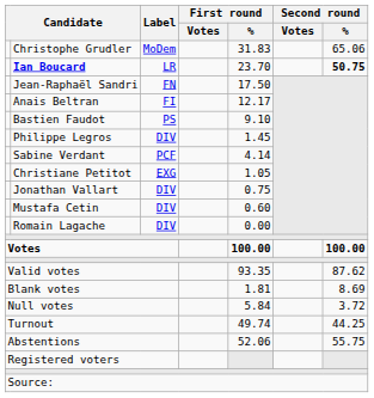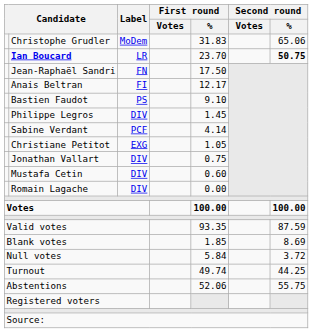 <table class="wikitable" style="text-align:right;font-size:95%;">
 <tr>
 <th rowspan="2" colspan="2">Candidate</th>
 <th rowspan="2">Label</th>
 <th colspan="2">First round</th>
 <th colspan="2">Second round</th>
 </tr>
 <tr>
 <th style="width:50px;">Votes</th>
 <th style="width:45px;">%</th>
 <th style="width:50px;">Votes</th>
 <th style="width:45px;">%</th>
 </tr>
 <tr>
 <td style="color:inherit;background:"></td>
 <td style="text-align:left;">Christophe Grudler</td>
 <td><a href='#'>MoDem</a></td>
 <td></td>
 <td>31.83</td>
 <td></td>
 <td>65.06</td>
 </tr>
 <tr>
 <td style="color:inherit;background:"></td>
 <td style="text-align:left;"><strong><a href='#'>Ian Boucard</a></strong></td>
 <td><a href='#'>LR</a></td>
 <td></td>
 <td>23.70</td>
 <td><strong></strong></td>
 <td><strong>50.75</strong></td>
 </tr>
 <tr>
 <td style="color:inherit;background:"></td>
 <td style="text-align:left;">Jean-Raphaël Sandri</td>
 <td><a href='#'>FN</a></td>
 <td></td>
 <td>17.50</td>
 <td colspan="2" rowspan="9" style="background:#E9E9E9;"></td>
 </tr>
 <tr>
 <td style="color:inherit;background:"></td>
 <td style="text-align:left;">Anais Beltran</td>
 <td><a href='#'>FI</a></td>
 <td></td>
 <td>12.17</td>
 </tr>
 <tr>
 <td style="color:inherit;background:"></td>
 <td style="text-align:left;">Bastien Faudot</td>
 <td><a href='#'>PS</a></td>
 <td></td>
 <td>9.10</td>
 </tr>
 <tr>
 <td style="color:inherit;background:"></td>
 <td style="text-align:left;">Philippe Legros</td>
 <td><a href='#'>DIV</a></td>
 <td></td>
 <td>1.45</td>
 </tr>
 <tr>
 <td style="color:inherit;background:"></td>
 <td style="text-align:left;">Sabine Verdant</td>
 <td><a href='#'>PCF</a></td>
 <td></td>
 <td>4.14</td>
 </tr>
 <tr>
 <td style="color:inherit;background:"></td>
 <td style="text-align:left;">Christiane Petitot</td>
 <td><a href='#'>EXG</a></td>
 <td></td>
 <td>1.05</td>
 </tr>
 <tr>
 <td style="color:inherit;background:"></td>
 <td style="text-align:left;">Jonathan Vallart</td>
 <td><a href='#'>DIV</a></td>
 <td></td>
 <td>0.75</td>
 </tr>
 <tr>
 <td style="color:inherit;background:"></td>
 <td style="text-align:left;">Mustafa Cetin</td>
 <td><a href='#'>DIV</a></td>
 <td></td>
 <td>0.60</td>
 </tr>
 <tr>
 <td style="color:inherit;background:"></td>
 <td style="text-align:left;">Romain Lagache</td>
 <td><a href='#'>DIV</a></td>
 <td></td>
 <td>0.00</td>
 </tr>
 <tr>
 <td colspan="7" style="background:#E9E9E9;"></td>
 </tr>
 <tr style="font-weight:bold;">
 <td colspan="3" style="text-align:left;">Votes</td>
 <td></td>
 <td>100.00</td>
 <td></td>
 <td>100.00</td>
 </tr>
 <tr>
 <td colspan="7" style="background:#E9E9E9;"></td>
 </tr>
 <tr>
 <td colspan="3" style="text-align:left;">Valid votes</td>
 <td></td>
 <td>93.35</td>
 <td></td>
-<td>87.62</td>
+<td>87.59</td>
 </tr>
 <tr>
 <td colspan="3" style="text-align:left;">Blank votes</td>
 <td></td>
-<td>1.81</td>
+<td>1.85</td>
 <td></td>
 <td>8.69</td>
 </tr>
 <tr>
 <td colspan="3" style="text-align:left;">Null votes</td>
 <td></td>
 <td>5.84</td>
 <td></td>
 <td>3.72</td>
 </tr>
 <tr>
 <td colspan="3" style="text-align:left;">Turnout</td>
 <td></td>
 <td>49.74</td>
 <td></td>
 <td>44.25</td>
 </tr>
 <tr>
 <td colspan="3" style="text-align:left;">Abstentions</td>
 <td></td>
 <td>52.06</td>
 <td></td>
 <td>55.75</td>
 </tr>
 <tr>
 <td colspan="3" style="text-align:left;">Registered voters</td>
 <td></td>
 <td style="background:#E9E9E9;"></td>
 <td></td>
 <td style="background:#E9E9E9;"></td>
 </tr>
 <tr>
 <td colspan="7" style="background:#E9E9E9;"></td>
 </tr>
 <tr>
 <td colspan="7" style="text-align:left;">Source: </td>
 </tr>
 </table>
